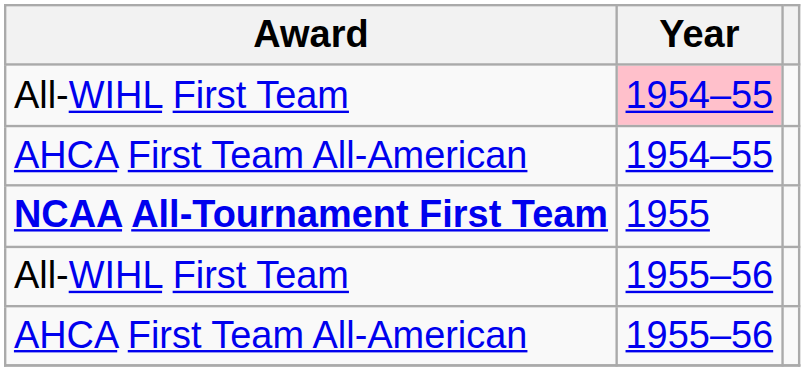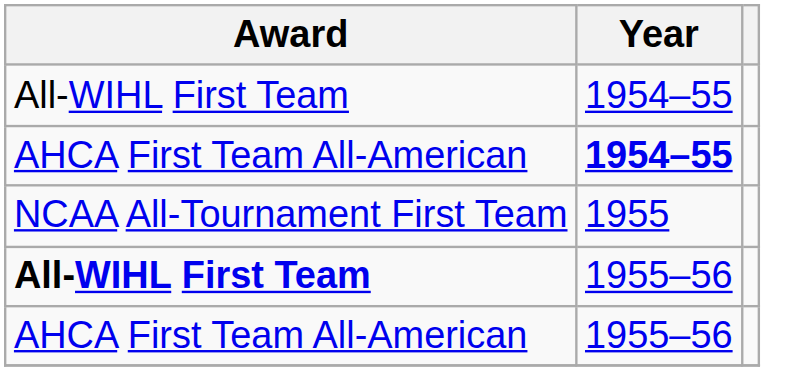 <table class="wikitable">
 <tr>
 <th>Award</th>
 <th>Year</th>
 <th></th>
 </tr>
 <tr>
 <td>All-<a href='#'>WIHL</a> <a href='#'>First Team</a></td>
-<td style="background: pink;"><a href='#'>1954–55</a></td>
+<td><a href='#'>1954–55</a></td>
 <td></td>
 </tr>
 <tr>
 <td><a href='#'>AHCA</a> <a href='#'>First Team All-American</a></td>
-<td><a href='#'>1954–55</a></td>
+<td><strong><a href='#'>1954–55</a></strong></td>
 <td></td>
 </tr>
 <tr>
-<td><strong><a href='#'>NCAA</a> <a href='#'>All-Tournament First Team</a></strong></td>
+<td><a href='#'>NCAA</a> <a href='#'>All-Tournament First Team</a></td>
 <td><a href='#'>1955</a></td>
 <td></td>
 </tr>
 <tr>
-<td>All-<a href='#'>WIHL</a> <a href='#'>First Team</a></td>
+<td><strong>All-<a href='#'>WIHL</a> <a href='#'>First Team</a></strong></td>
 <td><a href='#'>1955–56</a></td>
 <td></td>
 </tr>
 <tr>
 <td><a href='#'>AHCA</a> <a href='#'>First Team All-American</a></td>
 <td><a href='#'>1955–56</a></td>
 <td></td>
 </tr>
 <tr>
 </tr>
 </table>
